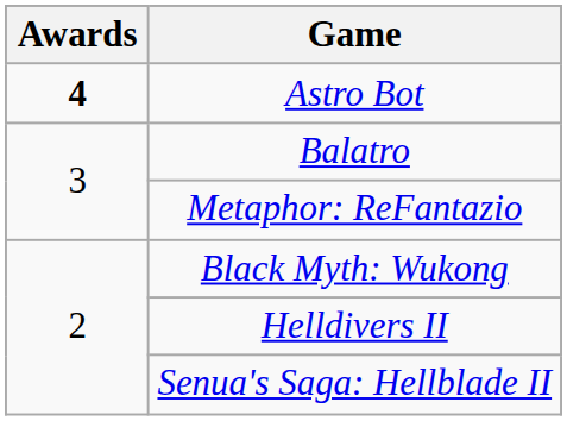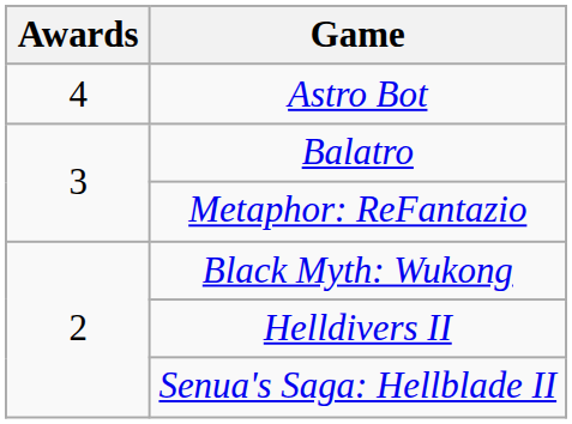 <table class="wikitable plainrowheaders sortable" rowspan="2" style="text-align:center;" background: #f6e39c;>
 <tr>
 <th scope="col" style="width:55px;">Awards</th>
 <th scope="col" style="text-align:center;">Game</th>
 </tr>
 <tr>
-<td><strong>4</strong></td>
+<td>4</td>
 <td><em><a href='#'>Astro Bot</a></em></td>
 </tr>
 <tr>
 <td rowspan="2">3</td>
 <td><em><a href='#'>Balatro</a></em></td>
 </tr>
 <tr>
 <td><em><a href='#'>Metaphor: ReFantazio</a></em></td>
 </tr>
 <tr>
 <td rowspan="3">2</td>
 <td><em><a href='#'>Black Myth: Wukong</a></em></td>
 </tr>
 <tr>
 <td><em><a href='#'>Helldivers II</a></em></td>
 </tr>
 <tr>
 <td><em><a href='#'>Senua's Saga: Hellblade II</a></em></td>
 </tr>
 </table>
